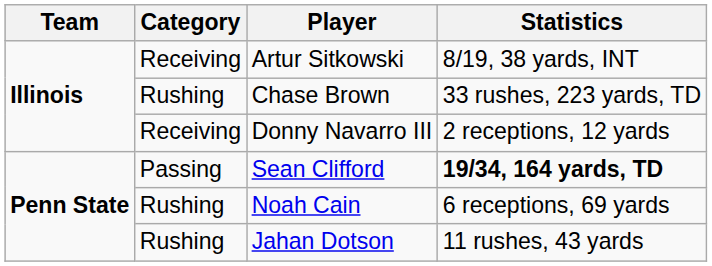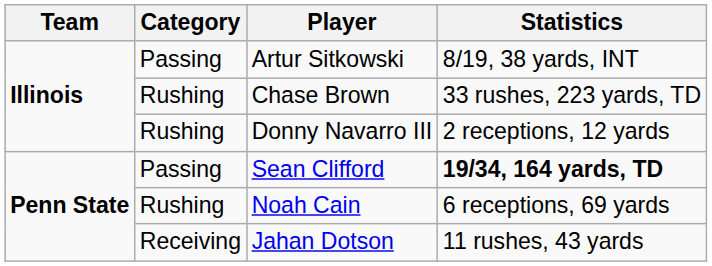 <table class="wikitable" style="float: right;">
 <tr>
 <th>Team</th>
 <th>Category</th>
 <th>Player</th>
 <th>Statistics</th>
 </tr>
 <tr>
 <td rowspan=3><strong>Illinois</strong></td>
-<td>Receiving</td>
+<td>Passing</td>
 <td>Artur Sitkowski</td>
 <td>8/19, 38 yards, INT</td>
 </tr>
 <tr>
 <td>Rushing</td>
 <td>Chase Brown</td>
 <td>33 rushes, 223 yards, TD</td>
 </tr>
 <tr>
-<td>Receiving</td>
+<td>Rushing</td>
 <td>Donny Navarro III</td>
 <td>2 receptions, 12 yards</td>
 </tr>
 <tr>
 <td rowspan=3><strong>Penn State</strong></td>
 <td>Passing</td>
 <td><a href='#'>Sean Clifford</a></td>
 <td><strong>19/34, 164 yards, TD</strong></td>
 </tr>
 <tr>
 <td>Rushing</td>
 <td><a href='#'>Noah Cain</a></td>
 <td>6 receptions, 69 yards</td>
 </tr>
 <tr>
-<td>Rushing</td>
+<td>Receiving</td>
 <td><a href='#'>Jahan Dotson</a></td>
 <td>11 rushes, 43 yards</td>
 </tr>
 </table>
